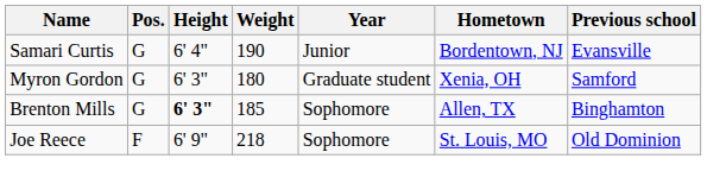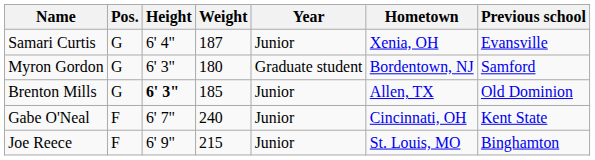 <table class="wikitable sortable" border="1">
 <tr align=center>
 <th>Name</th>
 <th>Pos.</th>
 <th>Height</th>
 <th>Weight</th>
 <th>Year</th>
 <th>Hometown</th>
 <th>Previous school</th>
 </tr>
 <tr>
 <td>Samari Curtis</td>
 <td>G</td>
 <td>6' 4"</td>
-<td>190</td>
+<td>187</td>
 <td>Junior</td>
-<td><a href='#'>Bordentown, NJ</a></td>
+<td><a href='#'>Xenia, OH</a></td>
 <td><a href='#'>Evansville</a></td>
 </tr>
 <tr>
 <td>Myron Gordon</td>
 <td>G</td>
 <td>6' 3"</td>
 <td>180</td>
 <td>Graduate student</td>
-<td><a href='#'>Xenia, OH</a></td>
+<td><a href='#'>Bordentown, NJ</a></td>
 <td><a href='#'>Samford</a></td>
 </tr>
 <tr>
 <td>Brenton Mills</td>
 <td>G</td>
 <td><strong>6' 3"</strong></td>
 <td>185</td>
-<td>Sophomore</td>
+<td>Junior</td>
 <td><a href='#'>Allen, TX</a></td>
-<td><a href='#'>Binghamton</a></td>
+<td><a href='#'>Old Dominion</a></td>
+</tr>
+<tr>
+<td>Gabe O'Neal</td>
+<td>F</td>
+<td>6' 7"</td>
+<td>240</td>
+<td>Junior</td>
+<td><a href='#'>Cincinnati, OH</a></td>
+<td><a href='#'>Kent State</a></td>
 </tr>
 <tr>
 <td>Joe Reece</td>
 <td>F</td>
 <td>6' 9"</td>
-<td>218</td>
-<td>Sophomore</td>
+<td>215</td>
+<td>Junior</td>
 <td><a href='#'>St. Louis, MO</a></td>
-<td><a href='#'>Old Dominion</a></td>
+<td><a href='#'>Binghamton</a></td>
 </tr>
 </table>
